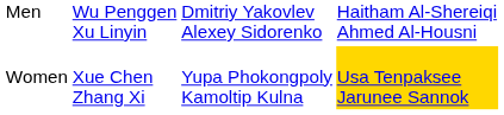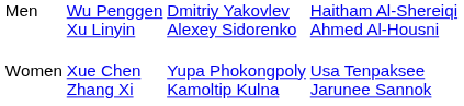 <table>
 <tr>
 <td>Men</td>
 <td><br><a href='#'>Wu Penggen</a><br><a href='#'>Xu Linyin</a></td>
 <td><br><a href='#'>Dmitriy Yakovlev</a><br><a href='#'>Alexey Sidorenko</a></td>
 <td><br><a href='#'>Haitham Al-Shereiqi</a><br><a href='#'>Ahmed Al-Housni</a></td>
 </tr>
 <tr>
 <td>Women</td>
 <td><br><a href='#'>Xue Chen</a><br><a href='#'>Zhang Xi</a></td>
 <td><br><a href='#'>Yupa Phokongpoly</a><br><a href='#'>Kamoltip Kulna</a></td>
-<td style="background: gold;"><br><a href='#'>Usa Tenpaksee</a><br><a href='#'>Jarunee Sannok</a></td>
+<td><br><a href='#'>Usa Tenpaksee</a><br><a href='#'>Jarunee Sannok</a></td>
 </tr>
 </table>
